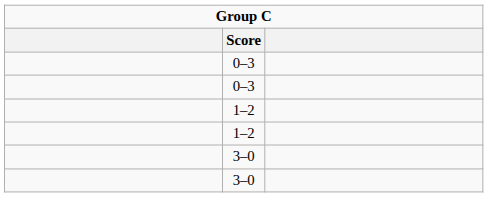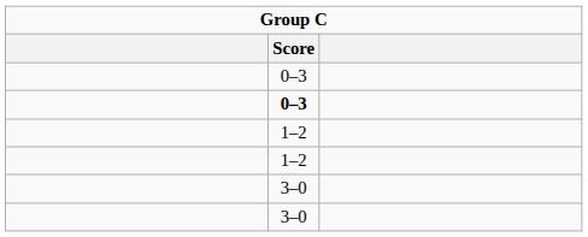 <table class="wikitable" style="text-align: center; display: inline-table;">
 <tr>
 <td colspan="3"><strong>Group C</strong></td>
 </tr>
 <tr>
 <th scope="col" style="width: 230px;"></th>
 <th scope="col" style="width: 30px;">Score</th>
 <th scope="col" style="width: 230px;"></th>
 </tr>
 <tr>
 <td></td>
 <td>0–3</td>
 <td></td>
 </tr>
 <tr>
 <td></td>
-<td>0–3</td>
+<td><strong>0–3</strong></td>
 <td></td>
 </tr>
 <tr>
 <td></td>
 <td>1–2</td>
 <td></td>
 </tr>
 <tr>
 <td></td>
 <td>1–2</td>
 <td></td>
 </tr>
 <tr>
 <td></td>
 <td>3–0</td>
 <td></td>
 </tr>
 <tr>
 <td></td>
 <td>3–0</td>
 <td></td>
 </tr>
 </table>
